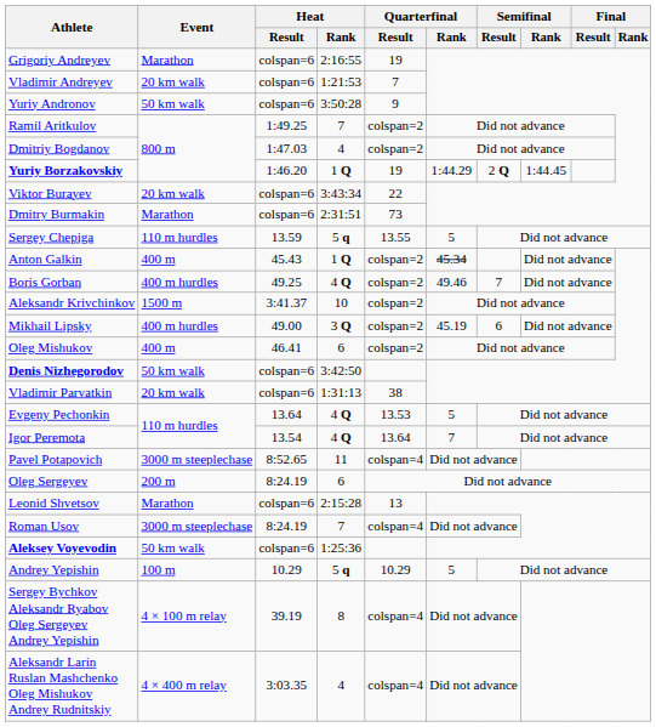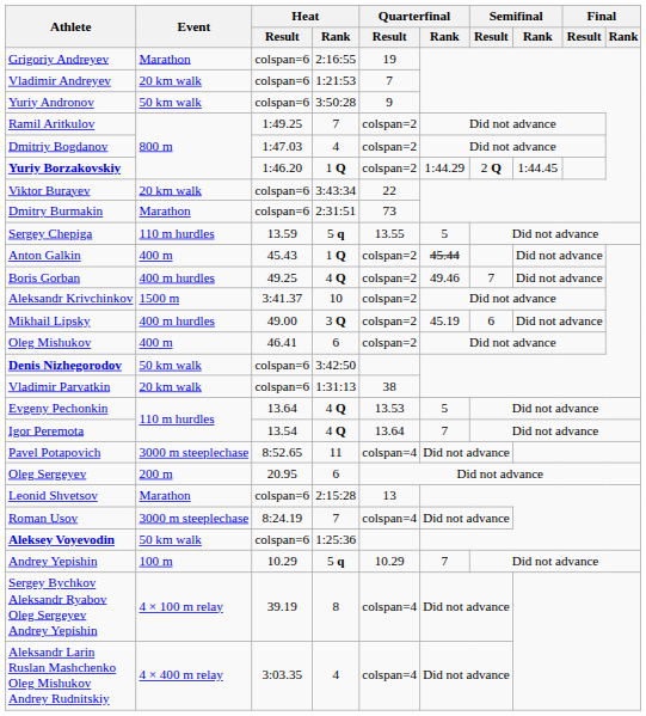 <table class=wikitable style="font-size:90%">
 <tr>
 <th rowspan="2">Athlete</th>
 <th rowspan="2">Event</th>
 <th colspan="2">Heat</th>
 <th colspan="2">Quarterfinal</th>
 <th colspan="2">Semifinal</th>
 <th colspan="2">Final</th>
 </tr>
 <tr style="font-size:95%">
 <th>Result</th>
 <th>Rank</th>
 <th>Result</th>
 <th>Rank</th>
 <th>Result</th>
 <th>Rank</th>
 <th>Result</th>
 <th>Rank</th>
 </tr>
 <tr align=center>
 <td align=left><a href='#'>Grigoriy Andreyev</a></td>
 <td align=left><a href='#'>Marathon</a></td>
 <td>colspan=6 </td>
 <td>2:16:55</td>
 <td>19</td>
 </tr>
 <tr align=center>
 <td align=left><a href='#'>Vladimir Andreyev</a></td>
 <td align=left><a href='#'>20 km walk</a></td>
 <td>colspan=6 </td>
 <td>1:21:53</td>
 <td>7</td>
 </tr>
 <tr align=center>
 <td align=left><a href='#'>Yuriy Andronov</a></td>
 <td align=left><a href='#'>50 km walk</a></td>
 <td>colspan=6 </td>
 <td>3:50:28</td>
 <td>9</td>
 </tr>
 <tr align=center>
 <td align=left><a href='#'>Ramil Aritkulov</a></td>
 <td align=left rowspan=3><a href='#'>800 m</a></td>
 <td>1:49.25</td>
 <td>7</td>
 <td>colspan=2 </td>
 <td colspan=4>Did not advance</td>
 </tr>
 <tr align=center>
 <td align=left><a href='#'>Dmitriy Bogdanov</a></td>
 <td>1:47.03</td>
 <td>4</td>
 <td>colspan=2 </td>
 <td colspan=4>Did not advance</td>
 </tr>
 <tr align=center>
 <td align=left><strong><a href='#'>Yuriy Borzakovskiy</a></strong></td>
 <td>1:46.20</td>
 <td>1 <strong>Q</strong></td>
-<td>19</td>
+<td>colspan=2 </td>
 <td>1:44.29</td>
 <td>2 <strong>Q</strong></td>
 <td>1:44.45</td>
 <td></td>
 </tr>
 <tr align=center>
 <td align=left><a href='#'>Viktor Burayev</a></td>
 <td align=left><a href='#'>20 km walk</a></td>
 <td>colspan=6 </td>
 <td>3:43:34</td>
 <td>22</td>
 </tr>
 <tr align=center>
 <td align=left><a href='#'>Dmitry Burmakin</a></td>
 <td align=left><a href='#'>Marathon</a></td>
 <td>colspan=6 </td>
 <td>2:31:51</td>
 <td>73</td>
 </tr>
 <tr align=center>
 <td align=left><a href='#'>Sergey Chepiga</a></td>
 <td align=left><a href='#'>110 m hurdles</a></td>
 <td>13.59</td>
 <td>5 <strong>q</strong></td>
 <td>13.55</td>
 <td>5</td>
 <td colspan=4>Did not advance</td>
 </tr>
 <tr align=center>
 <td align=left><a href='#'>Anton Galkin</a></td>
 <td align=left><a href='#'>400 m</a></td>
 <td>45.43</td>
 <td>1 <strong>Q</strong></td>
 <td>colspan=2 </td>
-<td><s>45.34</s></td>
+<td><s>45.44</s></td>
 <td></td>
 <td colspan=2>Did not advance</td>
 </tr>
 <tr align=center>
 <td align=left><a href='#'>Boris Gorban</a></td>
 <td align=left><a href='#'>400 m hurdles</a></td>
 <td>49.25</td>
 <td>4 <strong>Q</strong></td>
 <td>colspan=2 </td>
 <td>49.46</td>
 <td>7</td>
 <td colspan=2>Did not advance</td>
 </tr>
 <tr align=center>
 <td align=left><a href='#'>Aleksandr Krivchinkov</a></td>
 <td align=left><a href='#'>1500 m</a></td>
 <td>3:41.37</td>
 <td>10</td>
 <td>colspan=2 </td>
 <td colspan=4>Did not advance</td>
 </tr>
 <tr align=center>
 <td align=left><a href='#'>Mikhail Lipsky</a></td>
 <td align=left><a href='#'>400 m hurdles</a></td>
 <td>49.00</td>
 <td>3 <strong>Q</strong></td>
 <td>colspan=2 </td>
 <td>45.19</td>
 <td>6</td>
 <td colspan=2>Did not advance</td>
 </tr>
 <tr align=center>
 <td align=left><a href='#'>Oleg Mishukov</a></td>
 <td align=left><a href='#'>400 m</a></td>
 <td>46.41</td>
 <td>6</td>
 <td>colspan=2 </td>
 <td colspan=4>Did not advance</td>
 </tr>
 <tr align=center>
 <td align=left><strong><a href='#'>Denis Nizhegorodov</a></strong></td>
 <td align=left><a href='#'>50 km walk</a></td>
 <td>colspan=6 </td>
 <td>3:42:50</td>
 <td></td>
 </tr>
 <tr align=center>
 <td align=left><a href='#'>Vladimir Parvatkin</a></td>
 <td align=left><a href='#'>20 km walk</a></td>
 <td>colspan=6 </td>
 <td>1:31:13</td>
 <td>38</td>
 </tr>
 <tr align=center>
 <td align=left><a href='#'>Evgeny Pechonkin</a></td>
 <td align=left rowspan=2><a href='#'>110 m hurdles</a></td>
 <td>13.64</td>
 <td>4 <strong>Q</strong></td>
 <td>13.53</td>
 <td>5</td>
 <td colspan=4>Did not advance</td>
 </tr>
 <tr align=center>
 <td align=left><a href='#'>Igor Peremota</a></td>
 <td>13.54</td>
 <td>4 <strong>Q</strong></td>
 <td>13.64</td>
 <td>7</td>
 <td colspan=4>Did not advance</td>
 </tr>
 <tr align=center>
 <td align=left><a href='#'>Pavel Potapovich</a></td>
 <td align=left><a href='#'>3000 m steeplechase</a></td>
 <td>8:52.65</td>
 <td>11</td>
 <td>colspan=4 </td>
 <td colspan=2>Did not advance</td>
 </tr>
 <tr align=center>
 <td align=left><a href='#'>Oleg Sergeyev</a></td>
 <td align=left><a href='#'>200 m</a></td>
-<td>8:24.19</td>
+<td>20.95</td>
 <td>6</td>
 <td colspan=6>Did not advance</td>
 </tr>
 <tr align=center>
 <td align=left><a href='#'>Leonid Shvetsov</a></td>
 <td align=left><a href='#'>Marathon</a></td>
 <td>colspan=6 </td>
 <td>2:15:28</td>
 <td>13</td>
 </tr>
 <tr align=center>
 <td align=left><a href='#'>Roman Usov</a></td>
 <td align=left><a href='#'>3000 m steeplechase</a></td>
 <td>8:24.19</td>
 <td>7</td>
 <td>colspan=4 </td>
 <td colspan=2>Did not advance</td>
 </tr>
 <tr align=center>
 <td align=left><strong><a href='#'>Aleksey Voyevodin</a></strong></td>
 <td align=left><a href='#'>50 km walk</a></td>
 <td>colspan=6 </td>
 <td>1:25:36</td>
 <td></td>
 </tr>
 <tr align=center>
 <td align=left><a href='#'>Andrey Yepishin</a></td>
 <td align=left><a href='#'>100 m</a></td>
 <td>10.29</td>
 <td>5 <strong>q</strong></td>
 <td>10.29</td>
-<td>5</td>
+<td>7</td>
 <td colspan=4>Did not advance</td>
 </tr>
 <tr align=center>
 <td align=left><a href='#'>Sergey Bychkov</a><br><a href='#'>Aleksandr Ryabov</a><br><a href='#'>Oleg Sergeyev</a><br><a href='#'>Andrey Yepishin</a></td>
 <td align=left><a href='#'>4 × 100 m relay</a></td>
 <td>39.19</td>
 <td>8</td>
 <td>colspan=4 </td>
 <td colspan=2>Did not advance</td>
 </tr>
 <tr align=center>
 <td align=left><a href='#'>Aleksandr Larin</a><br><a href='#'>Ruslan Mashchenko</a><br><a href='#'>Oleg Mishukov</a><br><a href='#'>Andrey Rudnitskiy</a></td>
 <td align=left><a href='#'>4 × 400 m relay</a></td>
 <td>3:03.35</td>
 <td>4</td>
 <td>colspan=4 </td>
 <td colspan=2>Did not advance</td>
 </tr>
 </table>
